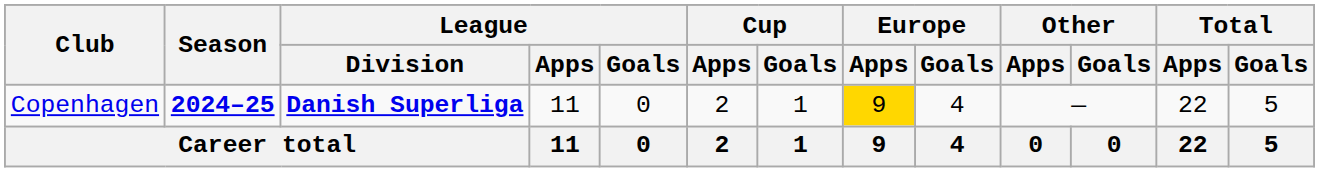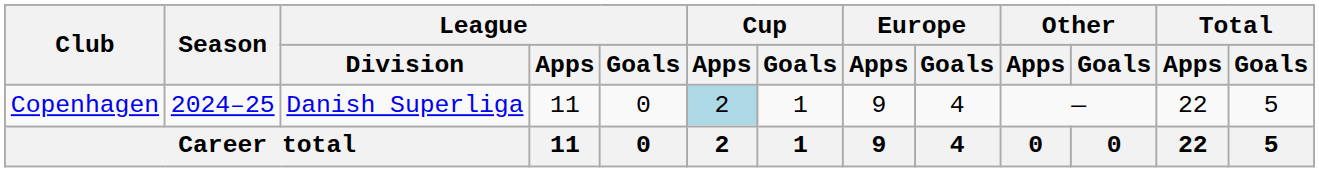 <table class="wikitable" style="text-align:center">
 <tr>
 <th rowspan="2">Club</th>
 <th rowspan="2">Season</th>
 <th colspan="3">League</th>
 <th colspan="2">Cup</th>
 <th colspan="2">Europe</th>
 <th colspan="2">Other</th>
 <th colspan="2">Total</th>
 </tr>
 <tr>
 <th>Division</th>
 <th>Apps</th>
 <th>Goals</th>
 <th>Apps</th>
 <th>Goals</th>
 <th>Apps</th>
 <th>Goals</th>
 <th>Apps</th>
 <th>Goals</th>
 <th>Apps</th>
 <th>Goals</th>
 </tr>
 <tr>
 <td><a href='#'>Copenhagen</a></td>
-<td><strong><a href='#'>2024–25</a></strong></td>
-<td><strong><a href='#'>Danish Superliga</a></strong></td>
+<td><a href='#'>2024–25</a></td>
+<td><a href='#'>Danish Superliga</a></td>
 <td>11</td>
 <td>0</td>
-<td>2</td>
+<td style="background: lightblue;">2</td>
 <td>1</td>
-<td style="background: gold;">9</td>
+<td>9</td>
 <td>4</td>
 <td colspan="2">—</td>
 <td>22</td>
 <td>5</td>
 </tr>
 <tr>
 <th colspan="3">Career total</th>
 <th>11</th>
 <th>0</th>
 <th>2</th>
 <th>1</th>
 <th>9</th>
 <th>4</th>
 <th>0</th>
 <th>0</th>
 <th>22</th>
 <th>5</th>
 </tr>
 </table>
